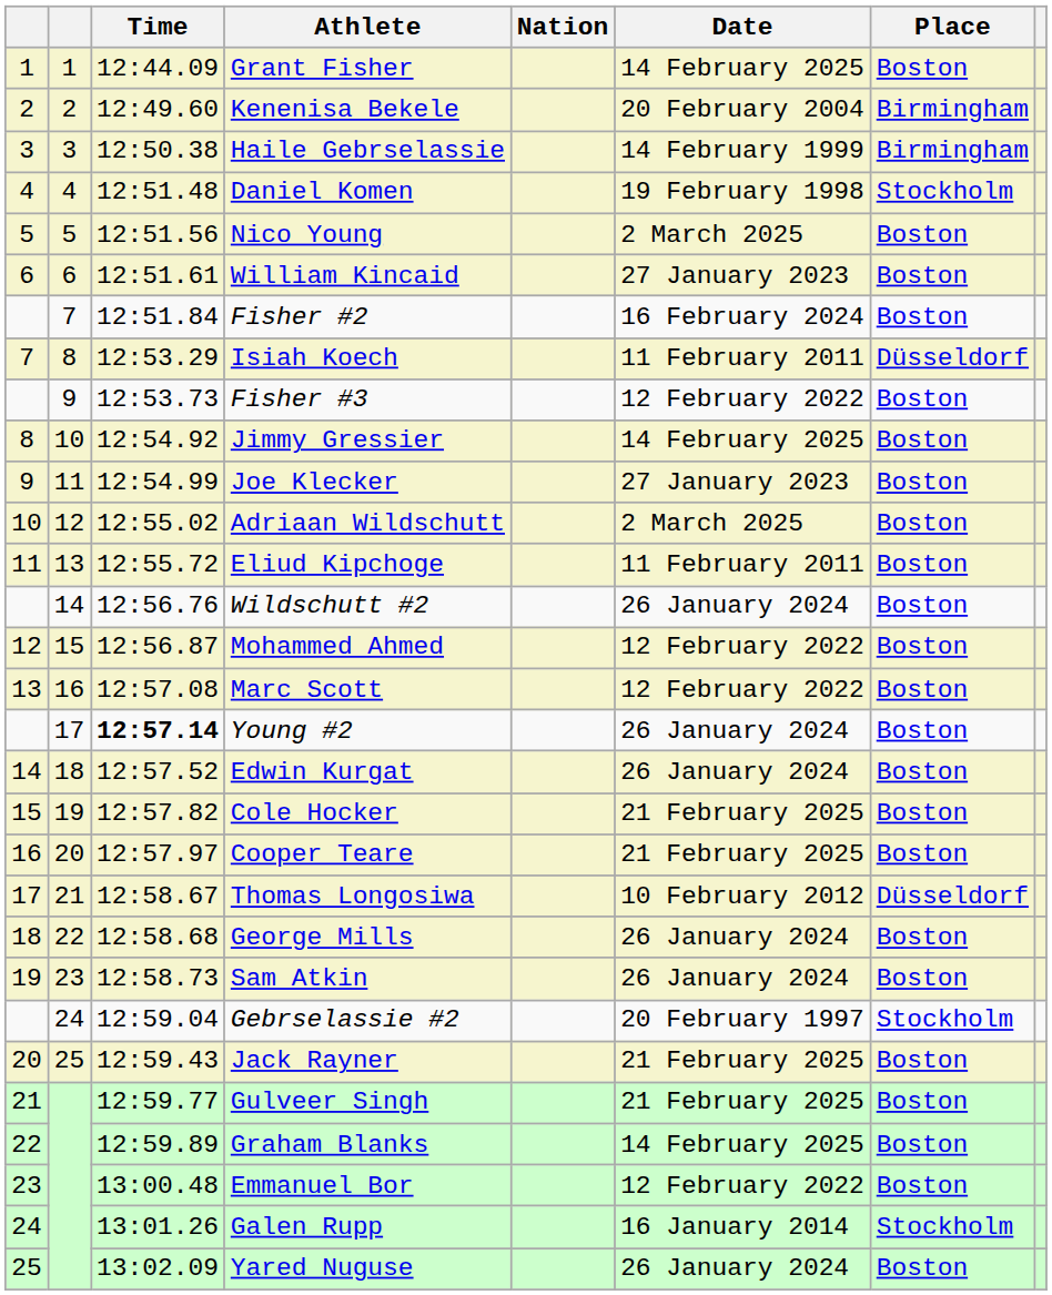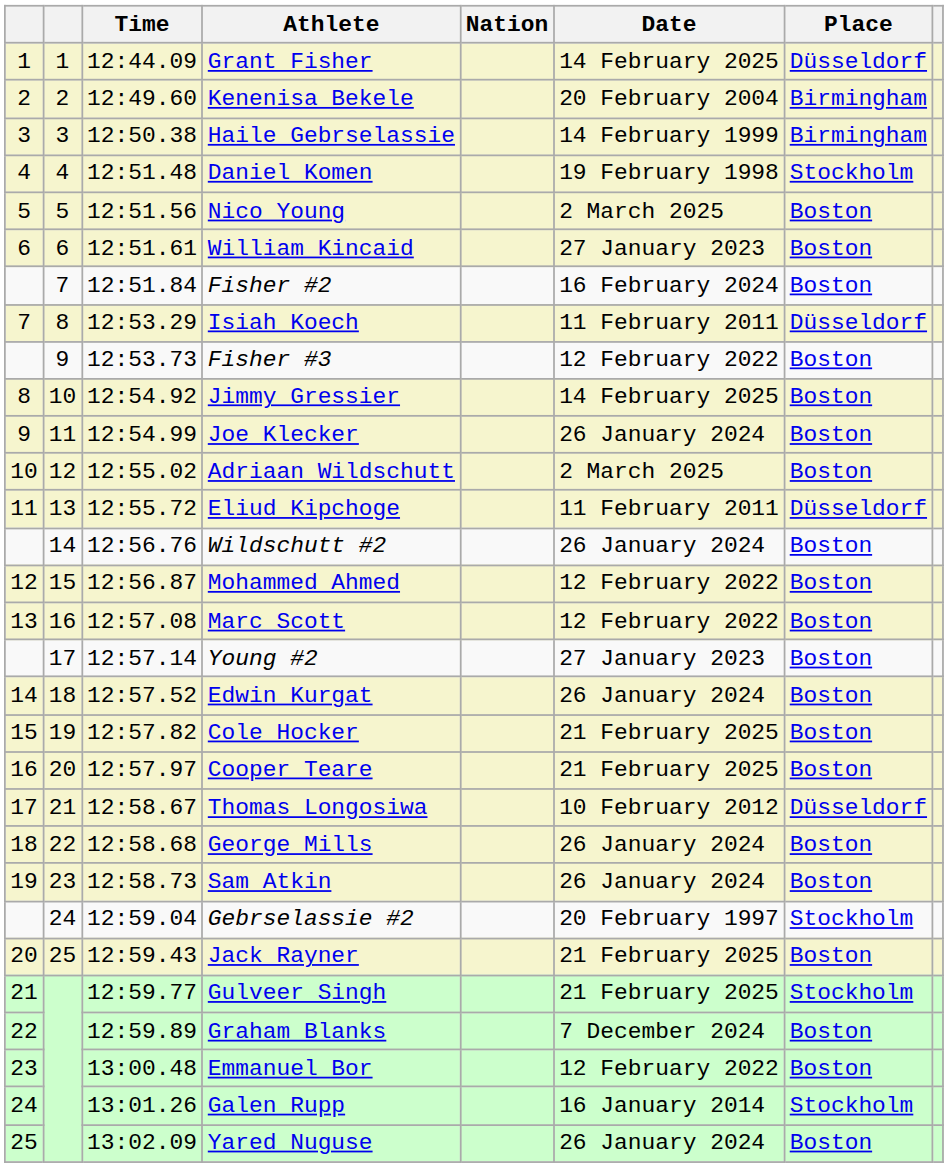 <table class="wikitable sortable" style="display: inline-table">
 <tr>
 <th></th>
 <th></th>
 <th>Time</th>
 <th>Athlete</th>
 <th>Nation</th>
 <th>Date</th>
 <th>Place</th>
 <th class="unsortable"></th>
 </tr>
 <tr bgcolor="#f6F5CE">
 <td align="center">1</td>
 <td align="center">1</td>
 <td>12:44.09</td>
 <td><a href='#'>Grant Fisher</a></td>
 <td></td>
 <td>14 February 2025</td>
-<td><a href='#'>Boston</a></td>
+<td><a href='#'>Düsseldorf</a></td>
 <td></td>
 </tr>
 <tr bgcolor="#f6F5CE">
 <td align="center">2</td>
 <td align="center">2</td>
 <td>12:49.60</td>
 <td><a href='#'>Kenenisa Bekele</a></td>
 <td></td>
 <td>20 February 2004</td>
 <td><a href='#'>Birmingham</a></td>
 <td></td>
 </tr>
 <tr bgcolor="#f6F5CE">
 <td align="center">3</td>
 <td align="center">3</td>
 <td>12:50.38</td>
 <td><a href='#'>Haile Gebrselassie</a></td>
 <td></td>
 <td>14 February 1999</td>
 <td><a href='#'>Birmingham</a></td>
 <td></td>
 </tr>
 <tr bgcolor="#f6F5CE">
 <td align="center">4</td>
 <td align="center">4</td>
 <td>12:51.48</td>
 <td><a href='#'>Daniel Komen</a></td>
 <td></td>
 <td>19 February 1998</td>
 <td><a href='#'>Stockholm</a></td>
 <td></td>
 </tr>
 <tr bgcolor="#f6F5CE">
 <td align="center">5</td>
 <td align="center">5</td>
 <td>12:51.56</td>
 <td><a href='#'>Nico Young</a></td>
 <td></td>
 <td>2 March 2025</td>
 <td><a href='#'>Boston</a></td>
 <td></td>
 </tr>
 <tr bgcolor="#f6F5CE">
 <td align="center">6</td>
 <td align="center">6</td>
 <td>12:51.61</td>
 <td><a href='#'>William Kincaid</a></td>
 <td></td>
 <td>27 January 2023</td>
 <td><a href='#'>Boston</a></td>
 <td></td>
 </tr>
 <tr>
 <td></td>
 <td align="center">7</td>
 <td>12:51.84</td>
 <td><em>Fisher #2</em></td>
 <td></td>
 <td>16 February 2024</td>
 <td><a href='#'>Boston</a></td>
 <td></td>
 </tr>
 <tr bgcolor="#f6F5CE">
 <td align="center">7</td>
 <td align="center">8</td>
 <td>12:53.29</td>
 <td><a href='#'>Isiah Koech</a></td>
 <td></td>
 <td>11 February 2011</td>
 <td><a href='#'>Düsseldorf</a></td>
 <td></td>
 </tr>
 <tr>
 <td></td>
 <td align="center">9</td>
 <td>12:53.73</td>
 <td><em>Fisher #3</em></td>
 <td></td>
 <td>12 February 2022</td>
 <td><a href='#'>Boston</a></td>
 <td></td>
 </tr>
 <tr bgcolor="#f6F5CE">
 <td align="center">8</td>
 <td align="center">10</td>
 <td>12:54.92</td>
 <td><a href='#'>Jimmy Gressier</a></td>
 <td></td>
 <td>14 February 2025</td>
 <td><a href='#'>Boston</a></td>
 <td></td>
 </tr>
 <tr bgcolor="#f6F5CE">
 <td align="center">9</td>
 <td align="center">11</td>
 <td>12:54.99</td>
 <td><a href='#'>Joe Klecker</a></td>
 <td></td>
-<td>27 January 2023</td>
+<td>26 January 2024</td>
 <td><a href='#'>Boston</a></td>
 <td></td>
 </tr>
 <tr bgcolor="#f6F5CE">
 <td align="center">10</td>
 <td align="center">12</td>
 <td>12:55.02</td>
 <td><a href='#'>Adriaan Wildschutt</a></td>
 <td></td>
 <td>2 March 2025</td>
 <td><a href='#'>Boston</a></td>
 <td></td>
 </tr>
 <tr bgcolor="#f6F5CE">
 <td align="center">11</td>
 <td align="center">13</td>
 <td>12:55.72</td>
 <td><a href='#'>Eliud Kipchoge</a></td>
 <td></td>
 <td>11 February 2011</td>
-<td><a href='#'>Boston</a></td>
+<td><a href='#'>Düsseldorf</a></td>
 <td></td>
 </tr>
 <tr>
 <td align="center"></td>
 <td align="center">14</td>
 <td>12:56.76</td>
 <td><em>Wildschutt #2</em></td>
 <td></td>
 <td>26 January 2024</td>
 <td><a href='#'>Boston</a></td>
 <td></td>
 </tr>
 <tr bgcolor="#f6F5CE">
 <td align="center">12</td>
 <td align="center">15</td>
 <td>12:56.87</td>
 <td><a href='#'>Mohammed Ahmed</a></td>
 <td></td>
 <td>12 February 2022</td>
 <td><a href='#'>Boston</a></td>
 <td></td>
 </tr>
 <tr bgcolor="#f6F5CE">
 <td align="center">13</td>
 <td align="center">16</td>
 <td>12:57.08</td>
 <td><a href='#'>Marc Scott</a></td>
 <td></td>
 <td>12 February 2022</td>
 <td><a href='#'>Boston</a></td>
 <td></td>
 </tr>
 <tr>
 <td align="center"></td>
 <td align="center">17</td>
-<td><strong>12:57.14</strong></td>
+<td>12:57.14</td>
 <td><em>Young #2</em></td>
 <td></td>
-<td>26 January 2024</td>
+<td>27 January 2023</td>
 <td><a href='#'>Boston</a></td>
 <td></td>
 </tr>
 <tr bgcolor="#f6F5CE">
 <td align="center">14</td>
 <td align="center">18</td>
 <td>12:57.52</td>
 <td><a href='#'>Edwin Kurgat</a></td>
 <td></td>
 <td>26 January 2024</td>
 <td><a href='#'>Boston</a></td>
 <td></td>
 </tr>
 <tr bgcolor="#f6F5CE">
 <td align="center">15</td>
 <td align="center">19</td>
 <td>12:57.82</td>
 <td><a href='#'>Cole Hocker</a></td>
 <td></td>
 <td>21 February 2025</td>
 <td><a href='#'>Boston</a></td>
 <td></td>
 </tr>
 <tr bgcolor="#f6F5CE">
 <td align="center">16</td>
 <td align="center">20</td>
 <td>12:57.97</td>
 <td><a href='#'>Cooper Teare</a></td>
 <td></td>
 <td>21 February 2025</td>
 <td><a href='#'>Boston</a></td>
 <td></td>
 </tr>
 <tr bgcolor="#f6F5CE">
 <td align="center">17</td>
 <td align="center">21</td>
 <td>12:58.67</td>
 <td><a href='#'>Thomas Longosiwa</a></td>
 <td></td>
 <td>10 February 2012</td>
 <td><a href='#'>Düsseldorf</a></td>
 <td></td>
 </tr>
 <tr bgcolor="#f6F5CE">
 <td align="center">18</td>
 <td align="center">22</td>
 <td>12:58.68</td>
 <td><a href='#'>George Mills</a></td>
 <td></td>
 <td>26 January 2024</td>
 <td><a href='#'>Boston</a></td>
 <td></td>
 </tr>
 <tr bgcolor="#f6F5CE">
 <td align="center">19</td>
 <td align="center">23</td>
 <td>12:58.73</td>
 <td><a href='#'>Sam Atkin</a></td>
 <td></td>
 <td>26 January 2024</td>
 <td><a href='#'>Boston</a></td>
 <td></td>
 </tr>
 <tr>
 <td align="center"></td>
 <td align="center">24</td>
 <td>12:59.04</td>
 <td><em>Gebrselassie #2</em></td>
 <td></td>
 <td>20 February 1997</td>
 <td><a href='#'>Stockholm</a></td>
 <td></td>
 </tr>
 <tr bgcolor="#f6F5CE">
 <td align="center">20</td>
 <td align="center">25</td>
 <td>12:59.43</td>
 <td><a href='#'>Jack Rayner</a></td>
 <td></td>
 <td>21 February 2025</td>
 <td><a href='#'>Boston</a></td>
 <td></td>
 </tr>
 <tr bgcolor=#CCFFCC>
 <td align="center">21</td>
 <td rowspan="5" align="center"></td>
 <td>12:59.77</td>
 <td><a href='#'>Gulveer Singh</a></td>
 <td></td>
 <td>21 February 2025</td>
-<td><a href='#'>Boston</a></td>
+<td><a href='#'>Stockholm</a></td>
 <td></td>
 </tr>
 <tr bgcolor=#CCFFCC>
 <td align="center">22</td>
 <td>12:59.89</td>
 <td><a href='#'>Graham Blanks</a></td>
 <td></td>
-<td>14 February 2025</td>
+<td>7 December 2024</td>
 <td><a href='#'>Boston</a></td>
 <td></td>
 </tr>
 <tr bgcolor=#CCFFCC>
 <td align="center">23</td>
 <td>13:00.48</td>
 <td><a href='#'>Emmanuel Bor</a></td>
 <td></td>
 <td>12 February 2022</td>
 <td><a href='#'>Boston</a></td>
 <td></td>
 </tr>
 <tr bgcolor=#CCFFCC>
 <td align="center">24</td>
 <td>13:01.26</td>
 <td><a href='#'>Galen Rupp</a></td>
 <td></td>
 <td>16 January 2014</td>
 <td><a href='#'>Stockholm</a></td>
 <td></td>
 </tr>
 <tr bgcolor=#CCFFCC>
 <td align="center">25</td>
 <td>13:02.09</td>
 <td><a href='#'>Yared Nuguse</a></td>
 <td></td>
 <td>26 January 2024</td>
 <td><a href='#'>Boston</a></td>
 <td></td>
 </tr>
 </table>
